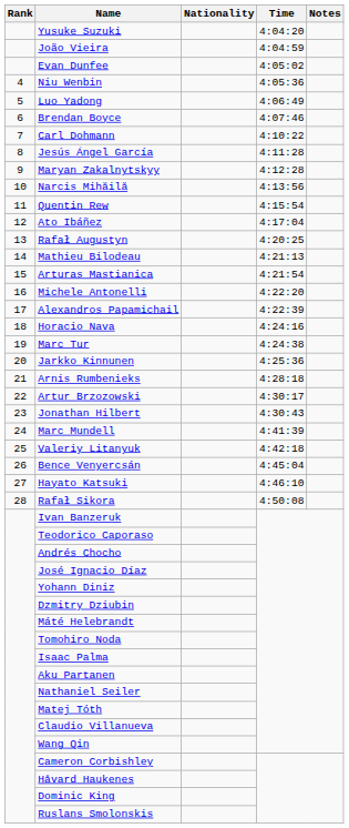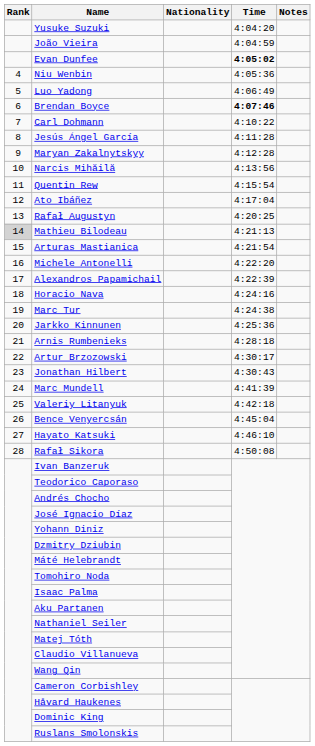 <table class="wikitable sortable" style="text-align:center">
 <tr>
 <th>Rank</th>
 <th>Name</th>
 <th>Nationality</th>
 <th>Time</th>
 <th>Notes</th>
 </tr>
 <tr>
 <td></td>
 <td align=left><a href='#'>Yusuke Suzuki</a></td>
 <td align=left></td>
 <td>4:04:20</td>
 <td></td>
 </tr>
 <tr>
 <td></td>
 <td align=left><a href='#'>João Vieira</a></td>
 <td align=left></td>
 <td>4:04:59</td>
 <td></td>
 </tr>
 <tr>
 <td></td>
 <td align=left><a href='#'>Evan Dunfee</a></td>
 <td align=left></td>
-<td>4:05:02</td>
+<td><strong>4:05:02</strong></td>
 <td></td>
 </tr>
 <tr>
 <td>4</td>
 <td align=left><a href='#'>Niu Wenbin</a></td>
 <td align=left></td>
 <td>4:05:36</td>
 <td></td>
 </tr>
 <tr>
 <td>5</td>
 <td align=left><a href='#'>Luo Yadong</a></td>
 <td align=left></td>
 <td>4:06:49</td>
 <td></td>
 </tr>
 <tr>
 <td>6</td>
 <td align=left><a href='#'>Brendan Boyce</a></td>
 <td align=left></td>
-<td>4:07:46</td>
+<td><strong>4:07:46</strong></td>
 <td></td>
 </tr>
 <tr>
 <td>7</td>
 <td align=left><a href='#'>Carl Dohmann</a></td>
 <td align=left></td>
 <td>4:10:22</td>
 <td></td>
 </tr>
 <tr>
 <td>8</td>
 <td align=left><a href='#'>Jesús Ángel García</a></td>
 <td align=left></td>
 <td>4:11:28</td>
 <td></td>
 </tr>
 <tr>
 <td>9</td>
 <td align=left><a href='#'>Maryan Zakalnytskyy</a></td>
 <td align=left></td>
 <td>4:12:28</td>
 <td></td>
 </tr>
 <tr>
 <td>10</td>
 <td align=left><a href='#'>Narcis Mihăilă</a></td>
 <td align=left></td>
 <td>4:13:56</td>
 <td></td>
 </tr>
 <tr>
 <td>11</td>
 <td align=left><a href='#'>Quentin Rew</a></td>
 <td align=left></td>
 <td>4:15:54</td>
 <td></td>
 </tr>
 <tr>
 <td>12</td>
 <td align=left><a href='#'>Ato Ibáñez</a></td>
 <td align=left></td>
 <td>4:17:04</td>
 <td></td>
 </tr>
 <tr>
 <td>13</td>
 <td align=left><a href='#'>Rafał Augustyn</a></td>
 <td align=left></td>
 <td>4:20:25</td>
 <td></td>
 </tr>
 <tr>
-<td>14</td>
+<td style="background: lightgrey;">14</td>
 <td align=left><a href='#'>Mathieu Bilodeau</a></td>
 <td align=left></td>
 <td>4:21:13</td>
 <td></td>
 </tr>
 <tr>
 <td>15</td>
 <td align=left><a href='#'>Arturas Mastianica</a></td>
 <td align=left></td>
 <td>4:21:54</td>
 <td></td>
 </tr>
 <tr>
 <td>16</td>
 <td align=left><a href='#'>Michele Antonelli</a></td>
 <td align=left></td>
 <td>4:22:20</td>
 <td></td>
 </tr>
 <tr>
 <td>17</td>
 <td align=left><a href='#'>Alexandros Papamichail</a></td>
 <td align=left></td>
 <td>4:22:39</td>
 <td></td>
 </tr>
 <tr>
 <td>18</td>
 <td align=left><a href='#'>Horacio Nava</a></td>
 <td align=left></td>
 <td>4:24:16</td>
 <td></td>
 </tr>
 <tr>
 <td>19</td>
 <td align=left><a href='#'>Marc Tur</a></td>
 <td align=left></td>
 <td>4:24:38</td>
 <td></td>
 </tr>
 <tr>
 <td>20</td>
 <td align=left><a href='#'>Jarkko Kinnunen</a></td>
 <td align=left></td>
 <td>4:25:36</td>
 <td></td>
 </tr>
 <tr>
 <td>21</td>
 <td align=left><a href='#'>Arnis Rumbenieks</a></td>
 <td align=left></td>
 <td>4:28:18</td>
 <td></td>
 </tr>
 <tr>
 <td>22</td>
 <td align=left><a href='#'>Artur Brzozowski</a></td>
 <td align=left></td>
 <td>4:30:17</td>
 <td></td>
 </tr>
 <tr>
 <td>23</td>
 <td align=left><a href='#'>Jonathan Hilbert</a></td>
 <td align=left></td>
 <td>4:30:43</td>
 <td></td>
 </tr>
 <tr>
 <td>24</td>
 <td align=left><a href='#'>Marc Mundell</a></td>
 <td align=left></td>
 <td>4:41:39</td>
 <td></td>
 </tr>
 <tr>
 <td>25</td>
 <td align=left><a href='#'>Valeriy Litanyuk</a></td>
 <td align=left></td>
 <td>4:42:18</td>
 <td></td>
 </tr>
 <tr>
 <td>26</td>
 <td align=left><a href='#'>Bence Venyercsán</a></td>
 <td align=left></td>
 <td>4:45:04</td>
 <td></td>
 </tr>
 <tr>
 <td>27</td>
 <td align=left><a href='#'>Hayato Katsuki</a></td>
 <td align=left></td>
 <td>4:46:10</td>
 <td></td>
 </tr>
 <tr>
 <td>28</td>
 <td align=left><a href='#'>Rafał Sikora</a></td>
 <td align=left></td>
 <td>4:50:08</td>
 <td></td>
 </tr>
 <tr>
 <td rowspan=18></td>
 <td align=left><a href='#'>Ivan Banzeruk</a></td>
 <td align=left></td>
 <td rowspan=14 colspan=2></td>
 </tr>
 <tr>
 <td align=left><a href='#'>Teodorico Caporaso</a></td>
 <td align=left></td>
 </tr>
 <tr>
 <td align=left><a href='#'>Andrés Chocho</a></td>
 <td align=left></td>
 </tr>
 <tr>
 <td align=left><a href='#'>José Ignacio Díaz</a></td>
 <td align=left></td>
 </tr>
 <tr>
 <td align=left><a href='#'>Yohann Diniz</a></td>
 <td align=left></td>
 </tr>
 <tr>
 <td align=left><a href='#'>Dzmitry Dziubin</a></td>
 <td align=left></td>
 </tr>
 <tr>
 <td align=left><a href='#'>Máté Helebrandt</a></td>
 <td align=left></td>
 </tr>
 <tr>
 <td align=left><a href='#'>Tomohiro Noda</a></td>
 <td align=left></td>
 </tr>
 <tr>
 <td align=left><a href='#'>Isaac Palma</a></td>
 <td align=left></td>
 </tr>
 <tr>
 <td align=left><a href='#'>Aku Partanen</a></td>
 <td align=left></td>
 </tr>
 <tr>
 <td align=left><a href='#'>Nathaniel Seiler</a></td>
 <td align=left></td>
 </tr>
 <tr>
 <td align=left><a href='#'>Matej Tóth</a></td>
 <td align=left></td>
 </tr>
 <tr>
 <td align=left><a href='#'>Claudio Villanueva</a></td>
 <td align=left></td>
 </tr>
 <tr>
 <td align=left><a href='#'>Wang Qin</a></td>
 <td align=left></td>
 </tr>
 <tr>
 <td align=left><a href='#'>Cameron Corbishley</a></td>
 <td align=left></td>
 <td rowspan=4 colspan=2></td>
 </tr>
 <tr>
 <td align=left><a href='#'>Håvard Haukenes</a></td>
 <td align=left></td>
 </tr>
 <tr>
 <td align=left><a href='#'>Dominic King</a></td>
 <td align=left></td>
 </tr>
 <tr>
 <td align=left><a href='#'>Ruslans Smolonskis</a></td>
 <td align=left></td>
 </tr>
 </table>
